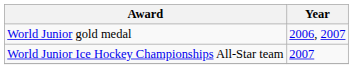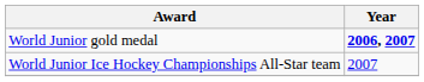 <table class="wikitable">
 <tr>
 <th scope="col">Award</th>
 <th scope="col">Year</th>
 </tr>
 <tr>
 <td><a href='#'>World Junior</a> gold medal</td>
-<td><a href='#'>2006</a>, <a href='#'>2007</a></td>
+<td><strong><a href='#'>2006</a>, <a href='#'>2007</a></strong></td>
 </tr>
 <tr>
 <td><a href='#'>World Junior Ice Hockey Championships</a> All-Star team</td>
 <td><a href='#'>2007</a></td>
 </tr>
 <tr>
 </tr>
 </table>
